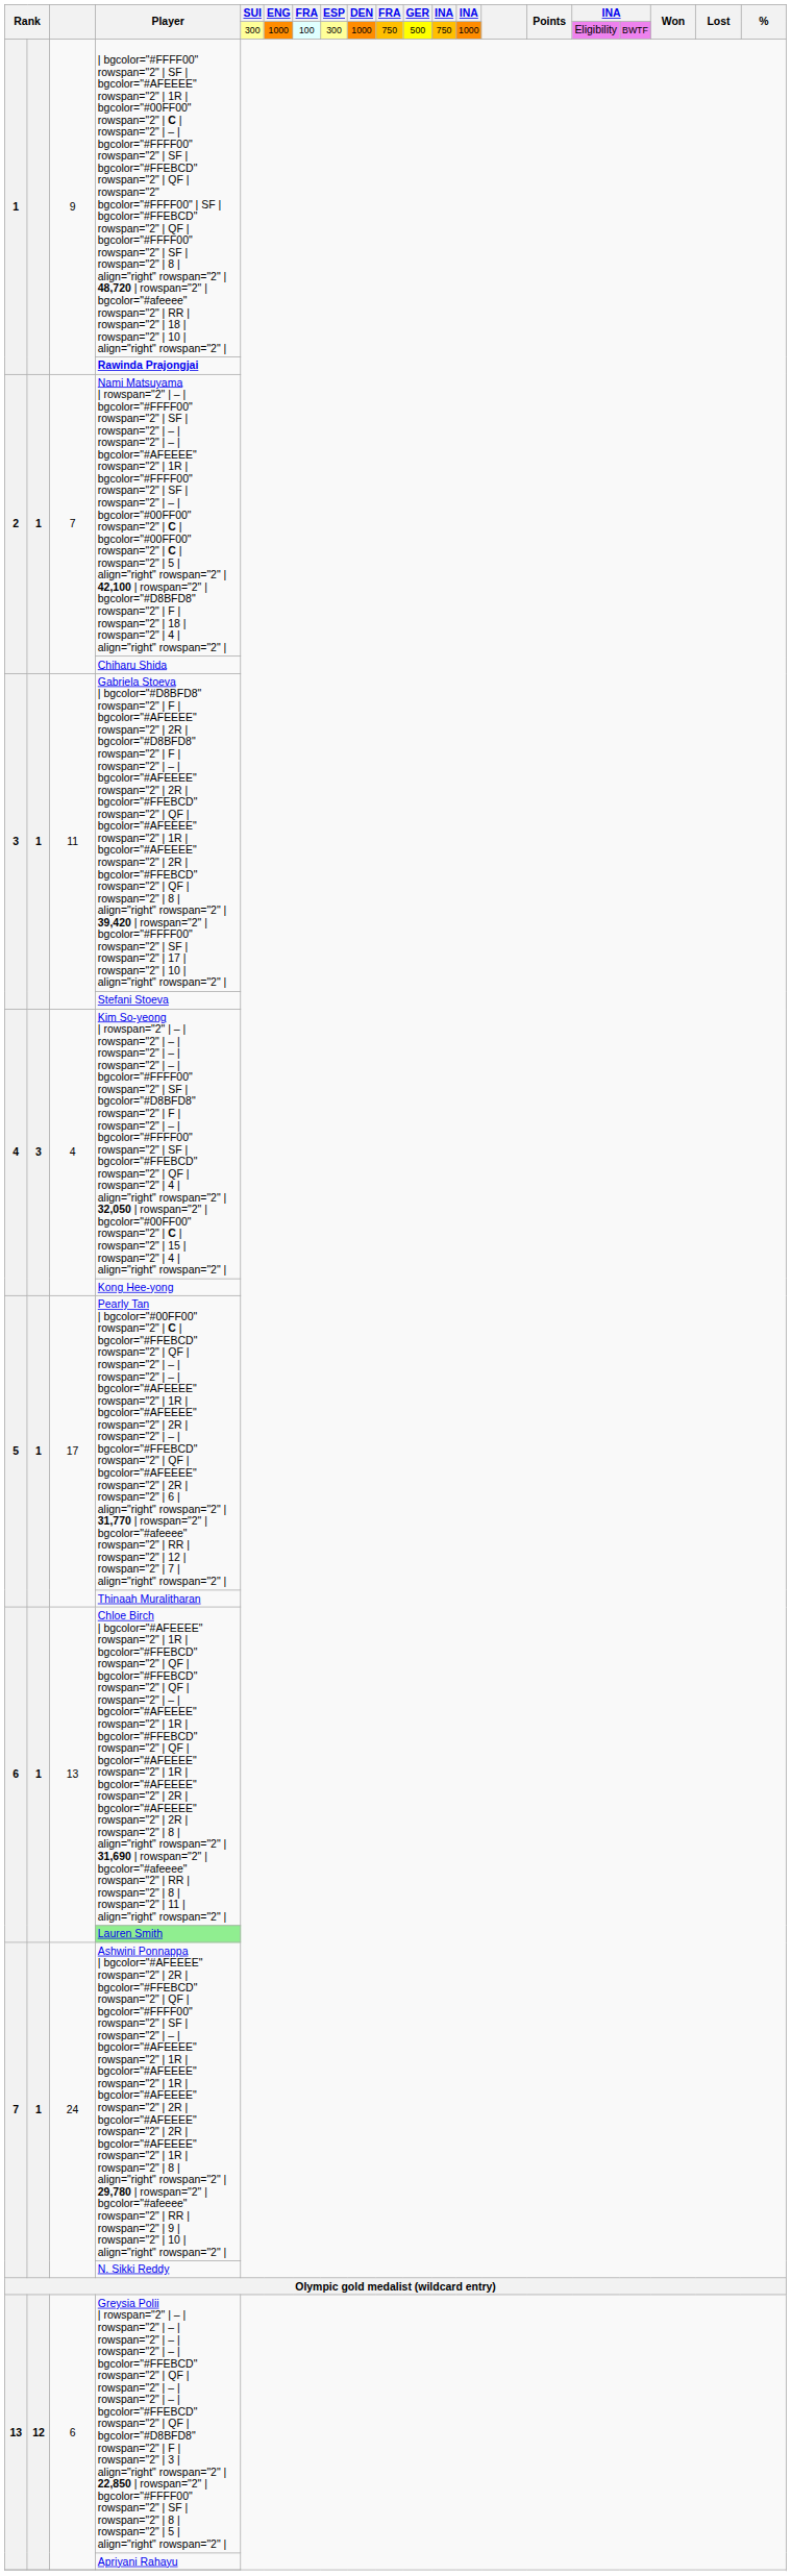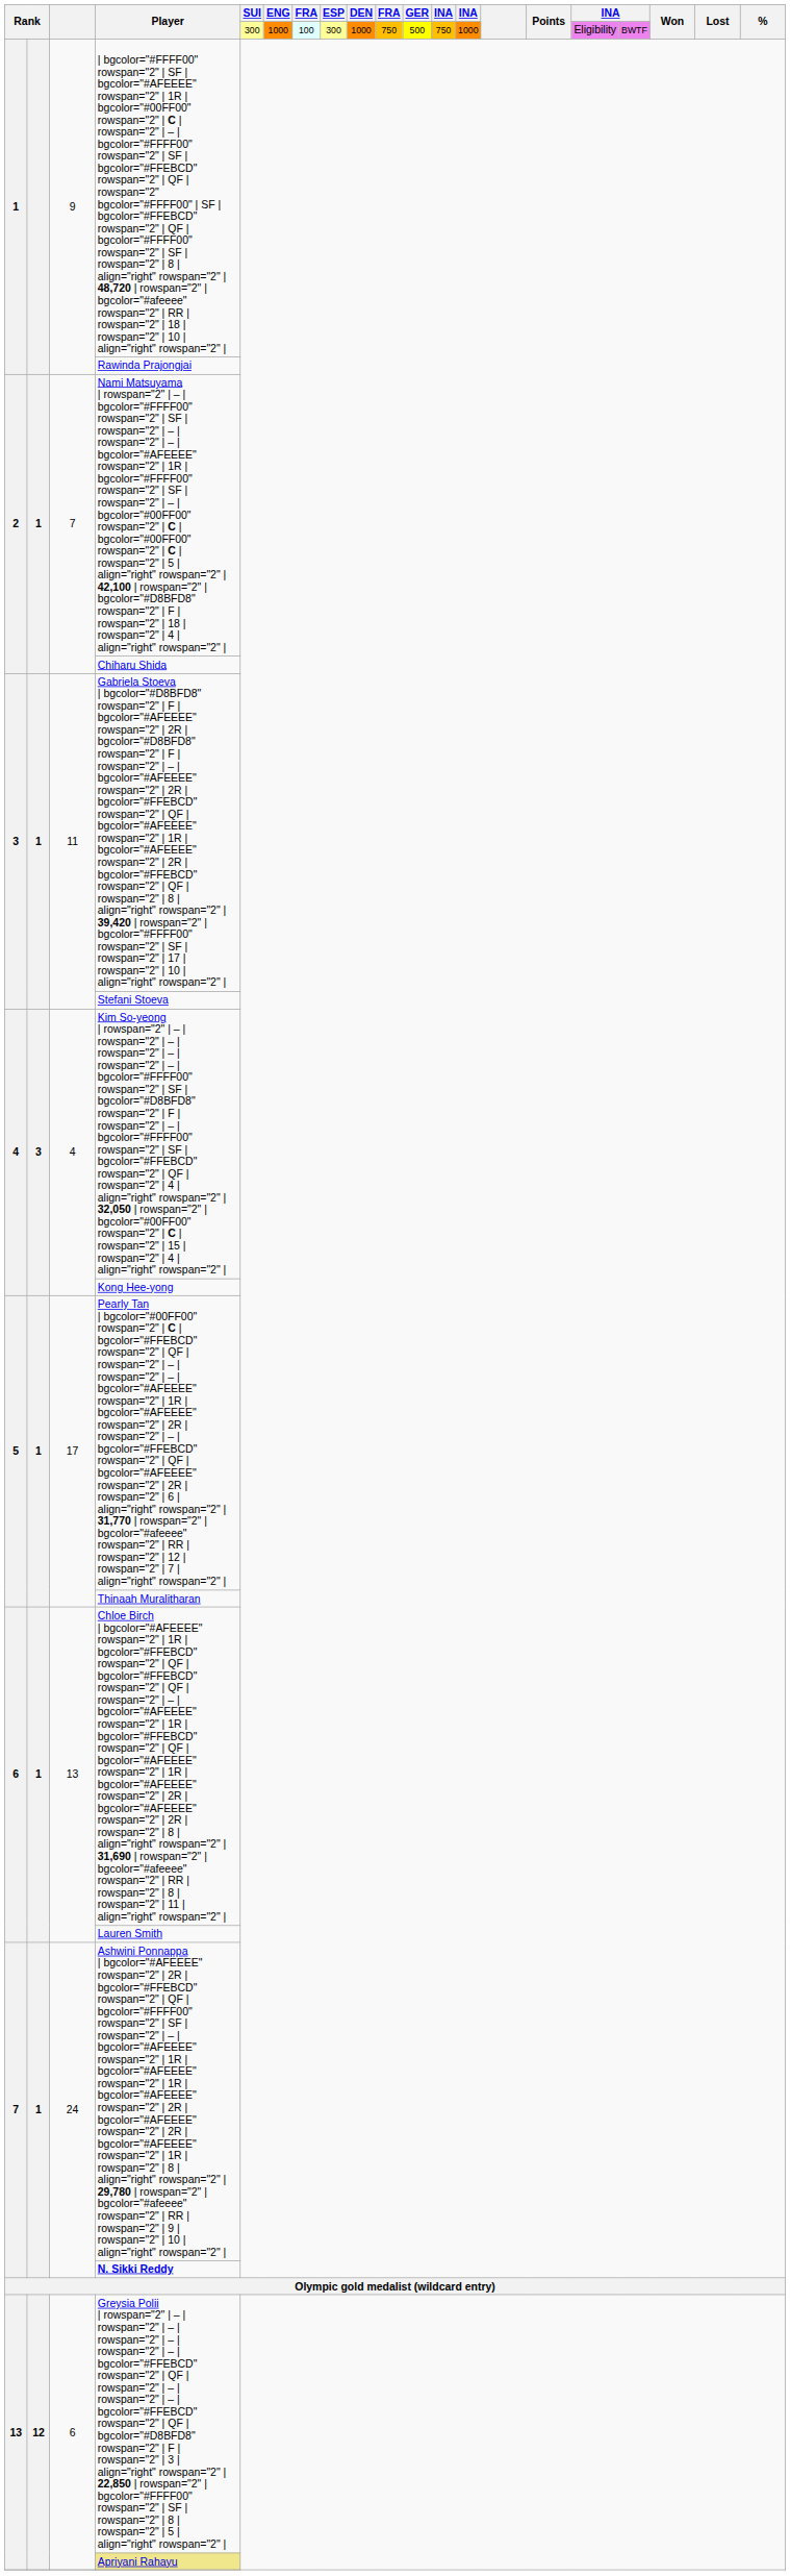 <table class="wikitable" style="font-size:85%; text-align:center">
 <tr>
 <th colspan="2" rowspan="2" width="50">Rank</th>
 <th rowspan="2" width="50"></th>
 <th rowspan="2" width="175">Player</th>
 <th><a href='#'>SUI</a></th>
 <th><a href='#'>ENG</a></th>
 <th><a href='#'>FRA</a></th>
 <th><a href='#'>ESP</a></th>
 <th><a href='#'>DEN</a></th>
 <th><a href='#'>FRA</a></th>
 <th><a href='#'>GER</a></th>
 <th><a href='#'>INA</a></th>
 <th><a href='#'>INA</a></th>
 <th rowspan="2" width="50"></th>
 <th rowspan="2" width="50">Points</th>
 <th colspan="2"><a href='#'>INA</a></th>
 <th rowspan="2" width="50">Won</th>
 <th rowspan="2" width="50">Lost</th>
 <th rowspan="2" width="50">%</th>
 </tr>
 <tr>
 <td bgcolor="#FFFF99"><small>300</small></td>
 <td bgcolor="#FF8C00"><small>1000</small></td>
 <td bgcolor="#E0FFFF"><small>100</small></td>
 <td bgcolor="#FFFF99"><small>300</small></td>
 <td bgcolor="#FF8C00"><small>1000</small></td>
 <td bgcolor="#FFBF00"><small>750</small></td>
 <td bgcolor="#FFFF00"><small>500</small></td>
 <td bgcolor="#FFBF00"><small>750</small></td>
 <td bgcolor="#FF8C00"><small>1000</small></td>
 <td bgcolor="#EE82EE">Eligibility</td>
 <td bgcolor="#EE82EE"><small>BWTF</small></td>
 </tr>
 <tr>
 <th rowspan="2">1</th>
 <th rowspan="2" nowrap></th>
 <td rowspan="2">9</td>
 <td align="left"><br>| bgcolor="#FFFF00" rowspan="2" | SF | bgcolor="#AFEEEE" rowspan="2" | 1R | bgcolor="#00FF00" rowspan="2" | <strong>C</strong> | rowspan="2" | – | bgcolor="#FFFF00" rowspan="2" | SF | bgcolor="#FFEBCD" rowspan="2" | QF | rowspan="2" bgcolor="#FFFF00" | SF | bgcolor="#FFEBCD" rowspan="2" | QF | bgcolor="#FFFF00" rowspan="2" | SF | rowspan="2" | 8 | align="right" rowspan="2" | <strong>48,720</strong> | rowspan="2"   | bgcolor="#afeeee" rowspan="2" | RR | rowspan="2" | 18 | rowspan="2" | 10 | align="right" rowspan="2" | </td>
 </tr>
 <tr>
-<td align="left"><strong> <a href='#'>Rawinda Prajongjai</a></strong></td>
+<td align="left"> <a href='#'>Rawinda Prajongjai</a></td>
 </tr>
 <tr>
 <th rowspan="2">2</th>
 <th rowspan="2"> 1</th>
 <td rowspan="2">7</td>
 <td align="left"> <a href='#'>Nami Matsuyama</a><br>| rowspan="2" | – | bgcolor="#FFFF00" rowspan="2" | SF | rowspan="2" | – | rowspan="2" | – | bgcolor="#AFEEEE" rowspan="2" | 1R | bgcolor="#FFFF00" rowspan="2" | SF | rowspan="2" | – | bgcolor="#00FF00" rowspan="2" | <strong>C</strong> | bgcolor="#00FF00" rowspan="2" | <strong>C</strong>  | rowspan="2" | 5 | align="right" rowspan="2" | <strong>42,100</strong> | rowspan="2"   | bgcolor="#D8BFD8" rowspan="2" | F | rowspan="2" | 18 | rowspan="2" | 4 | align="right" rowspan="2" | </td>
 </tr>
 <tr>
 <td align="left"> <a href='#'>Chiharu Shida</a></td>
 </tr>
 <tr>
 <th rowspan="2">3</th>
 <th rowspan="2"> 1</th>
 <td rowspan="2">11</td>
 <td align="left"> <a href='#'>Gabriela Stoeva</a><br>| bgcolor="#D8BFD8" rowspan="2" | F | bgcolor="#AFEEEE" rowspan="2" | 2R | bgcolor="#D8BFD8" rowspan="2" | F | rowspan="2" | – | bgcolor="#AFEEEE" rowspan="2" | 2R | bgcolor="#FFEBCD" rowspan="2" | QF | bgcolor="#AFEEEE" rowspan="2" | 1R | bgcolor="#AFEEEE" rowspan="2" | 2R | bgcolor="#FFEBCD" rowspan="2" | QF | rowspan="2" | 8 | align="right" rowspan="2" | <strong>39,420</strong> | rowspan="2"   | bgcolor="#FFFF00" rowspan="2" | SF | rowspan="2" | 17 | rowspan="2" | 10 | align="right" rowspan="2" | </td>
 </tr>
 <tr>
 <td align="left"> <a href='#'>Stefani Stoeva</a></td>
 </tr>
 <tr>
 <th rowspan="2">4</th>
 <th rowspan="2"> 3</th>
 <td rowspan="2">4</td>
 <td align="left"> <a href='#'>Kim So-yeong</a><br>| rowspan="2" | – | rowspan="2" | – | rowspan="2" | – | rowspan="2" | – | bgcolor="#FFFF00" rowspan="2" | SF | bgcolor="#D8BFD8" rowspan="2" | F | rowspan="2" | – | bgcolor="#FFFF00" rowspan="2" | SF | bgcolor="#FFEBCD" rowspan="2" | QF | rowspan="2" | 4 | align="right" rowspan="2" | <strong>32,050</strong> | rowspan="2"   | bgcolor="#00FF00" rowspan="2" | <strong>C</strong>  | rowspan="2" | 15 | rowspan="2" | 4 | align="right" rowspan="2" | </td>
 </tr>
 <tr>
 <td align="left"> <a href='#'>Kong Hee-yong</a></td>
 </tr>
 <tr>
 <th rowspan="2">5</th>
 <th rowspan="2"> 1</th>
 <td rowspan="2">17</td>
 <td align="left"> <a href='#'>Pearly Tan</a><br>| bgcolor="#00FF00" rowspan="2" | <strong>C</strong> | bgcolor="#FFEBCD" rowspan="2" | QF | rowspan="2" | – | rowspan="2" | – | bgcolor="#AFEEEE" rowspan="2" | 1R | bgcolor="#AFEEEE" rowspan="2" | 2R | rowspan="2" | – | bgcolor="#FFEBCD" rowspan="2" | QF | bgcolor="#AFEEEE" rowspan="2" | 2R | rowspan="2" | 6 | align="right" rowspan="2" | <strong>31,770</strong> | rowspan="2"   | bgcolor="#afeeee" rowspan="2" | RR | rowspan="2" | 12 | rowspan="2" | 7 | align="right" rowspan="2" | </td>
 </tr>
 <tr>
 <td align="left"> <a href='#'>Thinaah Muralitharan</a></td>
 </tr>
 <tr>
 <th rowspan="2">6</th>
 <th rowspan="2"> 1</th>
 <td rowspan="2">13</td>
 <td align="left"> <a href='#'>Chloe Birch</a><br>| bgcolor="#AFEEEE" rowspan="2" | 1R | bgcolor="#FFEBCD" rowspan="2" | QF | bgcolor="#FFEBCD" rowspan="2" | QF | rowspan="2" | – | bgcolor="#AFEEEE" rowspan="2" | 1R | bgcolor="#FFEBCD" rowspan="2" | QF | bgcolor="#AFEEEE" rowspan="2" | 1R | bgcolor="#AFEEEE" rowspan="2" | 2R | bgcolor="#AFEEEE" rowspan="2" | 2R | rowspan="2" | 8 | align="right" rowspan="2" | <strong>31,690</strong> | rowspan="2"   | bgcolor="#afeeee" rowspan="2" | RR | rowspan="2" | 8 | rowspan="2" | 11 | align="right" rowspan="2" | </td>
 </tr>
 <tr>
-<td align="left" style="background: lightgreen;"> <a href='#'>Lauren Smith</a></td>
+<td align="left"> <a href='#'>Lauren Smith</a></td>
 </tr>
 <tr>
 <th rowspan="2">7</th>
 <th rowspan="2"> 1</th>
 <td rowspan="2">24</td>
 <td align="left"> <a href='#'>Ashwini Ponnappa</a><br>| bgcolor="#AFEEEE" rowspan="2" | 2R | bgcolor="#FFEBCD" rowspan="2" | QF | bgcolor="#FFFF00" rowspan="2" | SF | rowspan="2" | – | bgcolor="#AFEEEE" rowspan="2" | 1R | bgcolor="#AFEEEE" rowspan="2" | 1R | bgcolor="#AFEEEE" rowspan="2" | 2R | bgcolor="#AFEEEE" rowspan="2" | 2R | bgcolor="#AFEEEE" rowspan="2" | 1R | rowspan="2" | 8 | align="right" rowspan="2" | <strong>29,780</strong> | rowspan="2"   | bgcolor="#afeeee" rowspan="2" | RR | rowspan="2" | 9 | rowspan="2" | 10 | align="right" rowspan="2" | </td>
 </tr>
 <tr>
-<td align="left"> <a href='#'>N. Sikki Reddy</a></td>
+<td align="left"><strong> <a href='#'>N. Sikki Reddy</a></strong></td>
 </tr>
 <tr>
 <th colspan="43">Olympic gold medalist (wildcard entry)</th>
 </tr>
 <tr>
 <th rowspan="2">13</th>
 <th rowspan="2" nowrap> 12</th>
 <td rowspan="2">6</td>
 <td align="left"> <a href='#'>Greysia Polii</a><br>| rowspan="2" | – | rowspan="2" | – | rowspan="2" | – | rowspan="2" | – | bgcolor="#FFEBCD" rowspan="2" | QF | rowspan="2" | – | rowspan="2" | – | bgcolor="#FFEBCD" rowspan="2" | QF | bgcolor="#D8BFD8"  rowspan="2" | F | rowspan="2" | 3 | align="right" rowspan="2" | <strong>22,850</strong> | rowspan="2"  | bgcolor="#FFFF00" rowspan="2" | SF | rowspan="2" | 8 | rowspan="2" | 5 | align="right" rowspan="2" | </td>
 </tr>
 <tr>
-<td align="left"> <a href='#'>Apriyani Rahayu</a></td>
+<td align="left" style="background: khaki;"> <a href='#'>Apriyani Rahayu</a></td>
 </tr>
 <tr>
 </tr>
 </table>
